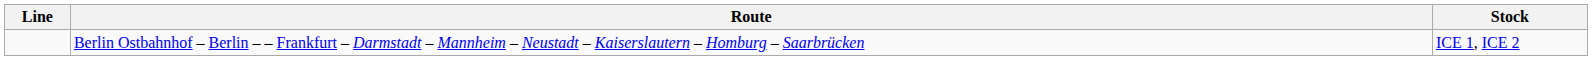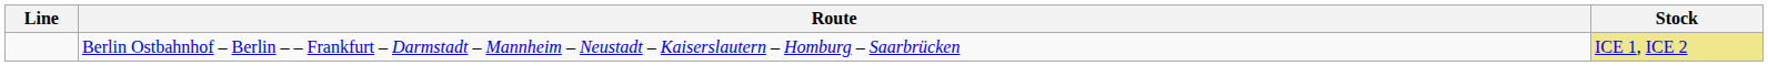 <table class="wikitable" width="100%">
 <tr class="hintergrundfarbe5">
 <th>Line</th>
 <th colspan="3">Route</th>
 <th>Stock</th>
 </tr>
 <tr>
 <td></td>
 <td colspan="3"><a href='#'>Berlin Ostbahnhof</a> – <a href='#'>Berlin</a> –  – <a href='#'>Frankfurt</a> – <em><a href='#'>Darmstadt</a> – <a href='#'>Mannheim</a> – <a href='#'>Neustadt</a> – <a href='#'>Kaiserslautern</a> – <a href='#'>Homburg</a> – <a href='#'>Saarbrücken</a></em></td>
-<td><a href='#'>ICE 1</a>, <a href='#'>ICE 2</a></td>
+<td style="background: khaki;"><a href='#'>ICE 1</a>, <a href='#'>ICE 2</a></td>
 </tr>
 </table>
